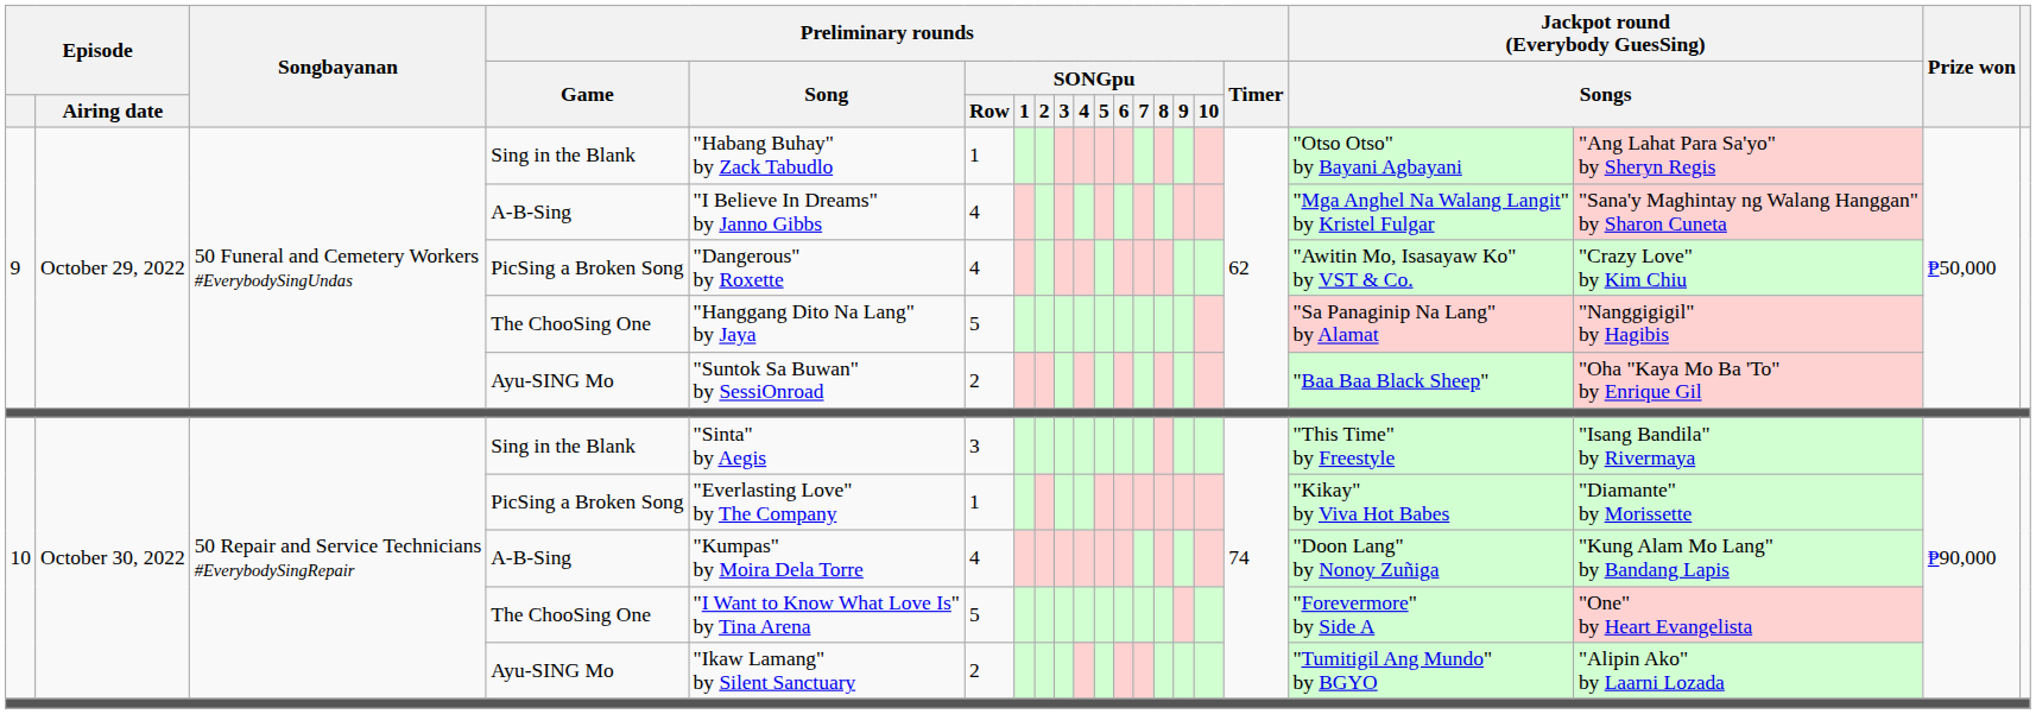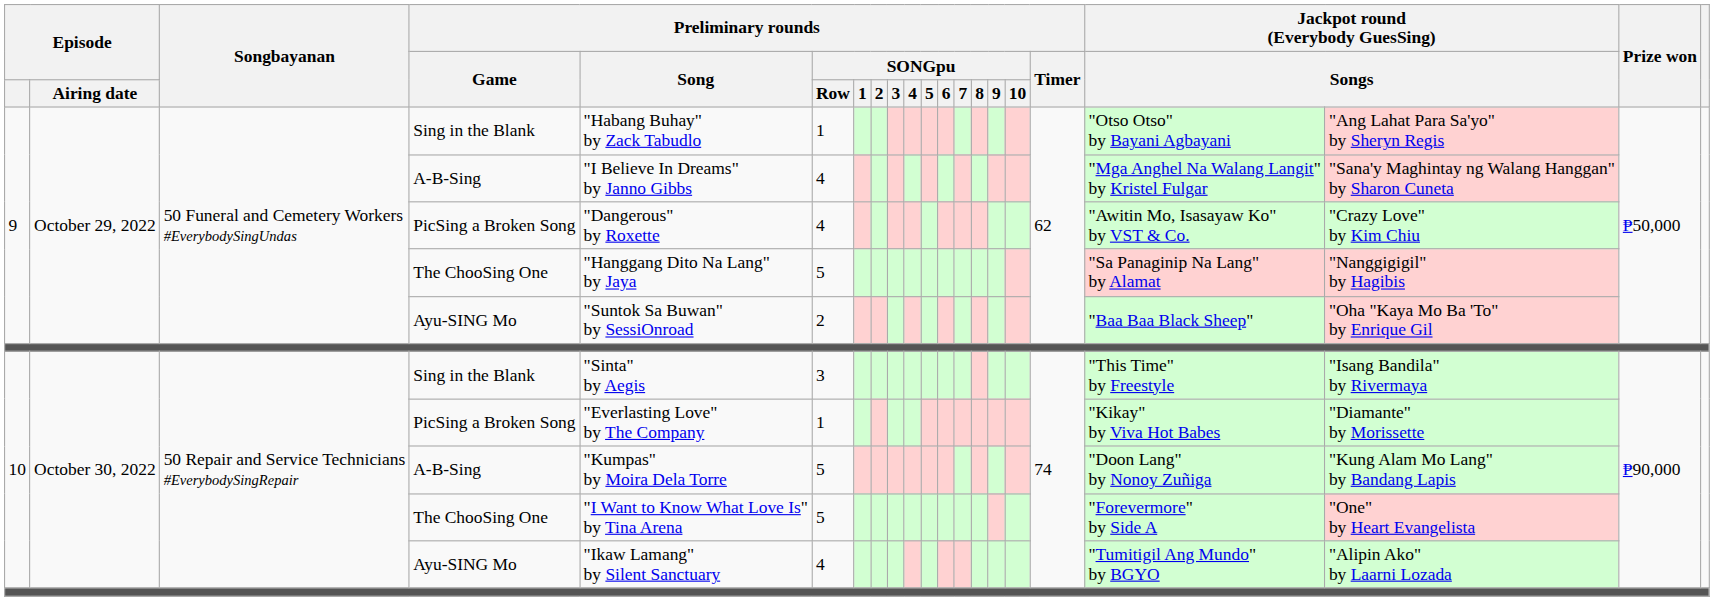 <table class="wikitable plainrowheaders mw-collapsible ">
 <tr>
 <th colspan="2" rowspan="2">Episode</th>
 <th rowspan="3">Songbayanan</th>
 <th colspan="14">Preliminary rounds</th>
 <th colspan="2">Jackpot round<br>(Everybody GuesSing)</th>
 <th rowspan="3">Prize won</th>
 <th rowspan="3"></th>
 </tr>
 <tr>
 <th rowspan="2">Game</th>
 <th rowspan="2">Song</th>
 <th colspan="11">SONGpu</th>
 <th rowspan="2">Timer</th>
 <th colspan="2" rowspan="2">Songs</th>
 </tr>
 <tr>
 <th></th>
 <th>Airing date</th>
 <th>Row</th>
 <th>1</th>
 <th>2</th>
 <th>3</th>
 <th>4</th>
 <th>5</th>
 <th>6</th>
 <th>7</th>
 <th>8</th>
 <th>9</th>
 <th>10</th>
 </tr>
 <tr>
 <td rowspan="5">9</td>
 <td rowspan="5">October 29, 2022</td>
 <td rowspan="5">50 Funeral and Cemetery Workers<br><small><em>#EverybodySingUndas</em></small></td>
 <td>Sing in the Blank</td>
 <td>"Habang Buhay"<br>by <a href='#'>Zack Tabudlo</a></td>
 <td>1</td>
 <td style="background:#D2FFD2"></td>
 <td style="background:#D2FFD2"></td>
 <td style="background:#FFD2D2"></td>
 <td style="background:#FFD2D2"></td>
 <td style="background:#FFD2D2"></td>
 <td style="background:#FFD2D2"></td>
 <td style="background:#D2FFD2"></td>
 <td style="background:#FFD2D2"></td>
 <td style="background:#D2FFD2"></td>
 <td style="background:#FFD2D2"></td>
 <td rowspan="5">62 </td>
 <td style="background:#D2FFD2">"Otso Otso"<br>by <a href='#'>Bayani Agbayani</a></td>
 <td style="background:#FFD2D2">"Ang Lahat Para Sa'yo"<br>by <a href='#'>Sheryn Regis</a></td>
 <td rowspan="5"><a href='#'>₱</a>50,000</td>
 <td rowspan="5"></td>
 </tr>
 <tr>
 <td>A-B-Sing</td>
 <td>"I Believe In Dreams"<br>by <a href='#'>Janno Gibbs</a></td>
 <td>4</td>
 <td style="background:#FFD2D2"></td>
 <td style="background:#D2FFD2"></td>
 <td style="background:#FFD2D2"></td>
 <td style="background:#D2FFD2"></td>
 <td style="background:#FFD2D2"></td>
 <td style="background:#D2FFD2"></td>
 <td style="background:#FFD2D2"></td>
 <td style="background:#D2FFD2"></td>
 <td style="background:#FFD2D2"></td>
 <td style="background:#FFD2D2"></td>
 <td style="background:#D2FFD2">"<a href='#'>Mga Anghel Na Walang Langit</a>"<br>by <a href='#'>Kristel Fulgar</a></td>
 <td style="background:#FFD2D2">"Sana'y Maghintay ng Walang Hanggan"<br>by <a href='#'>Sharon Cuneta</a></td>
 </tr>
 <tr>
 <td>PicSing a Broken Song</td>
 <td>"Dangerous"<br>by <a href='#'>Roxette</a></td>
 <td>4</td>
 <td style="background:#FFD2D2"></td>
 <td style="background:#D2FFD2"></td>
 <td style="background:#FFD2D2"></td>
 <td style="background:#FFD2D2"></td>
 <td style="background:#D2FFD2"></td>
 <td style="background:#FFD2D2"></td>
 <td style="background:#FFD2D2"></td>
 <td style="background:#FFD2D2"></td>
 <td style="background:#D2FFD2"></td>
 <td style="background:#D2FFD2"></td>
 <td style="background:#D2FFD2">"Awitin Mo, Isasayaw Ko"<br>by <a href='#'>VST & Co.</a></td>
 <td style="background:#D2FFD2">"Crazy Love"<br>by <a href='#'>Kim Chiu</a></td>
 </tr>
 <tr>
 <td>The ChooSing One</td>
 <td>"Hanggang Dito Na Lang"<br>by <a href='#'>Jaya</a></td>
 <td>5</td>
 <td style="background:#D2FFD2"></td>
 <td style="background:#D2FFD2"></td>
 <td style="background:#D2FFD2"></td>
 <td style="background:#D2FFD2"></td>
 <td style="background:#D2FFD2"></td>
 <td style="background:#D2FFD2"></td>
 <td style="background:#D2FFD2"></td>
 <td style="background:#D2FFD2"></td>
 <td style="background:#D2FFD2"></td>
 <td style="background:#FFD2D2"></td>
 <td style="background:#FFD2D2">"Sa Panaginip Na Lang"<br>by <a href='#'>Alamat</a></td>
 <td style="background:#FFD2D2">"Nanggigigil"<br>by <a href='#'>Hagibis</a></td>
 </tr>
 <tr>
 <td>Ayu-SING Mo</td>
 <td>"Suntok Sa Buwan"<br>by <a href='#'>SessiOnroad</a></td>
 <td>2</td>
 <td style="background:#FFD2D2"></td>
 <td style="background:#FFD2D2"></td>
 <td style="background:#D2FFD2"></td>
 <td style="background:#FFD2D2"></td>
 <td style="background:#D2FFD2"></td>
 <td style="background:#FFD2D2"></td>
 <td style="background:#D2FFD2"></td>
 <td style="background:#FFD2D2"></td>
 <td style="background:#D2FFD2"></td>
 <td style="background:#FFD2D2"></td>
 <td style="background:#D2FFD2">"<a href='#'>Baa Baa Black Sheep</a>"</td>
 <td style="background:#FFD2D2">"Oha "Kaya Mo Ba 'To"<br>by <a href='#'>Enrique Gil</a></td>
 </tr>
 <tr>
 <th colspan="21" style="background:#555;"></th>
 </tr>
 <tr>
 <td rowspan="5">10</td>
 <td rowspan="5">October 30, 2022</td>
 <td rowspan="5">50 Repair and Service Technicians<br><small><em>#EverybodySingRepair</em></small></td>
 <td>Sing in the Blank</td>
 <td>"Sinta"<br>by <a href='#'>Aegis</a></td>
 <td>3</td>
 <td style="background:#D2FFD2"></td>
 <td style="background:#D2FFD2"></td>
 <td style="background:#D2FFD2"></td>
 <td style="background:#D2FFD2"></td>
 <td style="background:#D2FFD2"></td>
 <td style="background:#D2FFD2"></td>
 <td style="background:#D2FFD2"></td>
 <td style="background:#FFD2D2"></td>
 <td style="background:#D2FFD2"></td>
 <td style="background:#D2FFD2"></td>
 <td rowspan="5">74 </td>
 <td style="background:#D2FFD2">"This Time"<br>by <a href='#'>Freestyle</a></td>
 <td style="background:#D2FFD2">"Isang Bandila"<br>by <a href='#'>Rivermaya</a></td>
 <td rowspan="5"><a href='#'>₱</a>90,000</td>
 <td rowspan="5"></td>
 </tr>
 <tr>
 <td>PicSing a Broken Song</td>
 <td>"Everlasting Love"<br>by <a href='#'>The Company</a></td>
 <td>1</td>
 <td style="background:#D2FFD2"></td>
 <td style="background:#FFD2D2"></td>
 <td style="background:#D2FFD2"></td>
 <td style="background:#D2FFD2"></td>
 <td style="background:#FFD2D2"></td>
 <td style="background:#FFD2D2"></td>
 <td style="background:#FFD2D2"></td>
 <td style="background:#FFD2D2"></td>
 <td style="background:#FFD2D2"></td>
 <td style="background:#FFD2D2"></td>
 <td style="background:#D2FFD2">"Kikay"<br>by <a href='#'>Viva Hot Babes</a></td>
 <td style="background:#D2FFD2">"Diamante"<br>by <a href='#'>Morissette</a></td>
 </tr>
 <tr>
 <td>A-B-Sing</td>
 <td>"Kumpas"<br>by <a href='#'>Moira Dela Torre</a></td>
-<td>4</td>
+<td>5</td>
 <td style="background:#FFD2D2"></td>
 <td style="background:#FFD2D2"></td>
 <td style="background:#FFD2D2"></td>
 <td style="background:#FFD2D2"></td>
 <td style="background:#FFD2D2"></td>
 <td style="background:#FFD2D2"></td>
 <td style="background:#D2FFD2"></td>
 <td style="background:#FFD2D2"></td>
 <td style="background:#D2FFD2"></td>
 <td style="background:#FFD2D2"></td>
 <td style="background:#D2FFD2">"Doon Lang"<br>by <a href='#'>Nonoy Zuñiga</a></td>
 <td style="background:#D2FFD2">"Kung Alam Mo Lang"<br>by <a href='#'>Bandang Lapis</a></td>
 </tr>
 <tr>
 <td>The ChooSing One</td>
 <td>"<a href='#'>I Want to Know What Love Is</a>"<br>by <a href='#'>Tina Arena</a></td>
 <td>5</td>
 <td style="background:#D2FFD2"></td>
 <td style="background:#D2FFD2"></td>
 <td style="background:#D2FFD2"></td>
 <td style="background:#D2FFD2"></td>
 <td style="background:#D2FFD2"></td>
 <td style="background:#D2FFD2"></td>
 <td style="background:#D2FFD2"></td>
 <td style="background:#D2FFD2"></td>
 <td style="background:#FFD2D2"></td>
 <td style="background:#D2FFD2"></td>
 <td style="background:#D2FFD2">"<a href='#'>Forevermore</a>"<br>by <a href='#'>Side A</a></td>
 <td style="background:#FFD2D2">"One"<br>by <a href='#'>Heart Evangelista</a></td>
 </tr>
 <tr>
 <td>Ayu-SING Mo</td>
 <td>"Ikaw Lamang"<br>by <a href='#'>Silent Sanctuary</a></td>
-<td>2</td>
+<td>4</td>
 <td style="background:#D2FFD2"></td>
 <td style="background:#D2FFD2"></td>
 <td style="background:#D2FFD2"></td>
 <td style="background:#FFD2D2"></td>
 <td style="background:#D2FFD2"></td>
 <td style="background:#FFD2D2"></td>
 <td style="background:#FFD2D2"></td>
 <td style="background:#D2FFD2"></td>
 <td style="background:#D2FFD2"></td>
 <td style="background:#D2FFD2"></td>
 <td style="background:#D2FFD2">"<a href='#'>Tumitigil Ang Mundo</a>" <br>by <a href='#'>BGYO</a></td>
 <td style="background:#D2FFD2">"Alipin Ako"<br>by <a href='#'>Laarni Lozada</a></td>
 </tr>
 <tr>
 <th colspan="21" style="background:#555;"></th>
 </tr>
 <tr>
 </tr>
 </table>
